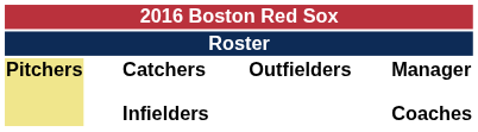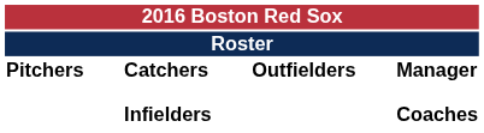 <table class="toccolours" style="text-align: left;">
 <tr>
 <th colspan="10" style="background-color: #ba313c; color: #FFFFFF; text-align: center;">2016 Boston Red Sox</th>
 </tr>
 <tr>
 <td colspan="10" style="background-color:#0d2b56; color: white; text-align: center;"><strong>Roster</strong></td>
 </tr>
 <tr>
-<td valign="top" style="background: khaki;"><strong>Pitchers</strong><br>                        </td>
+<td valign="top"><strong>Pitchers</strong><br>                        </td>
 <td width="25px"></td>
 <td valign="top"><strong>Catchers</strong><br>    <br><strong>Infielders</strong>            </td>
 <td width="25px"></td>
 <td valign="top"><strong>Outfielders</strong><br>        </td>
 <td width="25px"></td>
 <td valign="top"><strong>Manager</strong><br><br><strong>Coaches</strong>               </td>
 </tr>
 </table>
